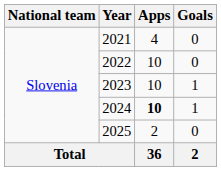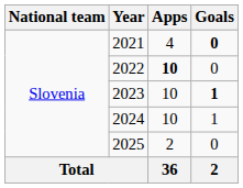 <table class="wikitable" style="text-align: center;">
 <tr>
 <th>National team</th>
 <th>Year</th>
 <th>Apps</th>
 <th>Goals</th>
 </tr>
 <tr>
 <td rowspan="5"><a href='#'>Slovenia</a></td>
 <td>2021</td>
 <td>4</td>
-<td>0</td>
+<td><strong>0</strong></td>
 </tr>
 <tr>
 <td>2022</td>
-<td>10</td>
+<td><strong>10</strong></td>
 <td>0</td>
 </tr>
 <tr>
 <td>2023</td>
 <td>10</td>
-<td>1</td>
+<td><strong>1</strong></td>
 </tr>
 <tr>
 <td>2024</td>
-<td><strong>10</strong></td>
+<td>10</td>
 <td>1</td>
 </tr>
 <tr>
 <td>2025</td>
 <td>2</td>
 <td>0</td>
 </tr>
 <tr>
 <th colspan="2">Total</th>
 <th>36</th>
 <th>2</th>
 </tr>
 </table>
